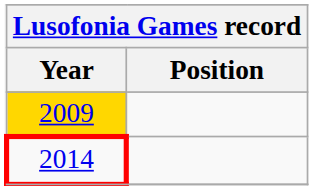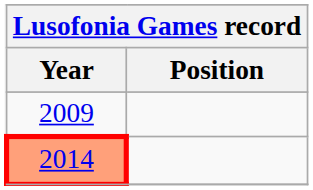 <table class="wikitable" style="text-align: center;">
 <tr>
 <th colspan=6><a href='#'>Lusofonia Games</a> record</th>
 </tr>
 <tr>
 <th>Year</th>
 <th>Position</th>
 </tr>
 <tr>
-<td style="background: gold;"> <a href='#'>2009</a></td>
+<td> <a href='#'>2009</a></td>
 <td></td>
 </tr>
 <tr>
-<td style="border: 3px solid red"> <a href='#'>2014</a></td>
+<td style="background: lightsalmon; border: 3px solid red"> <a href='#'>2014</a></td>
 <td></td>
 </tr>
 <tr>
 </tr>
 </table>
